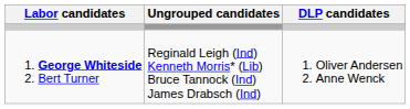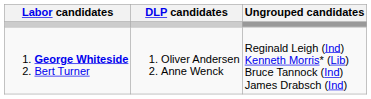 <table class="wikitable">
 <tr>
 <th><a href='#'>Labor</a> candidates</th>
+<th><a href='#'>DLP</a> candidates</th>
 <th>Ungrouped candidates</th>
-<th><a href='#'>DLP</a> candidates</th>
 </tr>
 <tr bgcolor="#cccccc">
 <td></td>
+<td></td>
 <td bgcolor="#999999"></td>
-<td></td>
 </tr>
 <tr>
 <td valign=top><br><ol><li><strong><a href='#'>George Whiteside</a></strong></li><li><a href='#'>Bert Turner</a></li></ol></td>
+<td valign=top><br><ol><li>Oliver Andersen</li><li>Anne Wenck</li></ol></td>
 <td><br>Reginald Leigh (<a href='#'>Ind</a>)<br> <a href='#'>Kenneth Morris</a>* (<a href='#'>Lib</a>)<br> Bruce Tannock (<a href='#'>Ind</a>)<br> James Drabsch (<a href='#'>Ind</a>)</td>
-<td valign=top><br><ol><li>Oliver Andersen</li><li>Anne Wenck</li></ol></td>
 </tr>
 </table>
